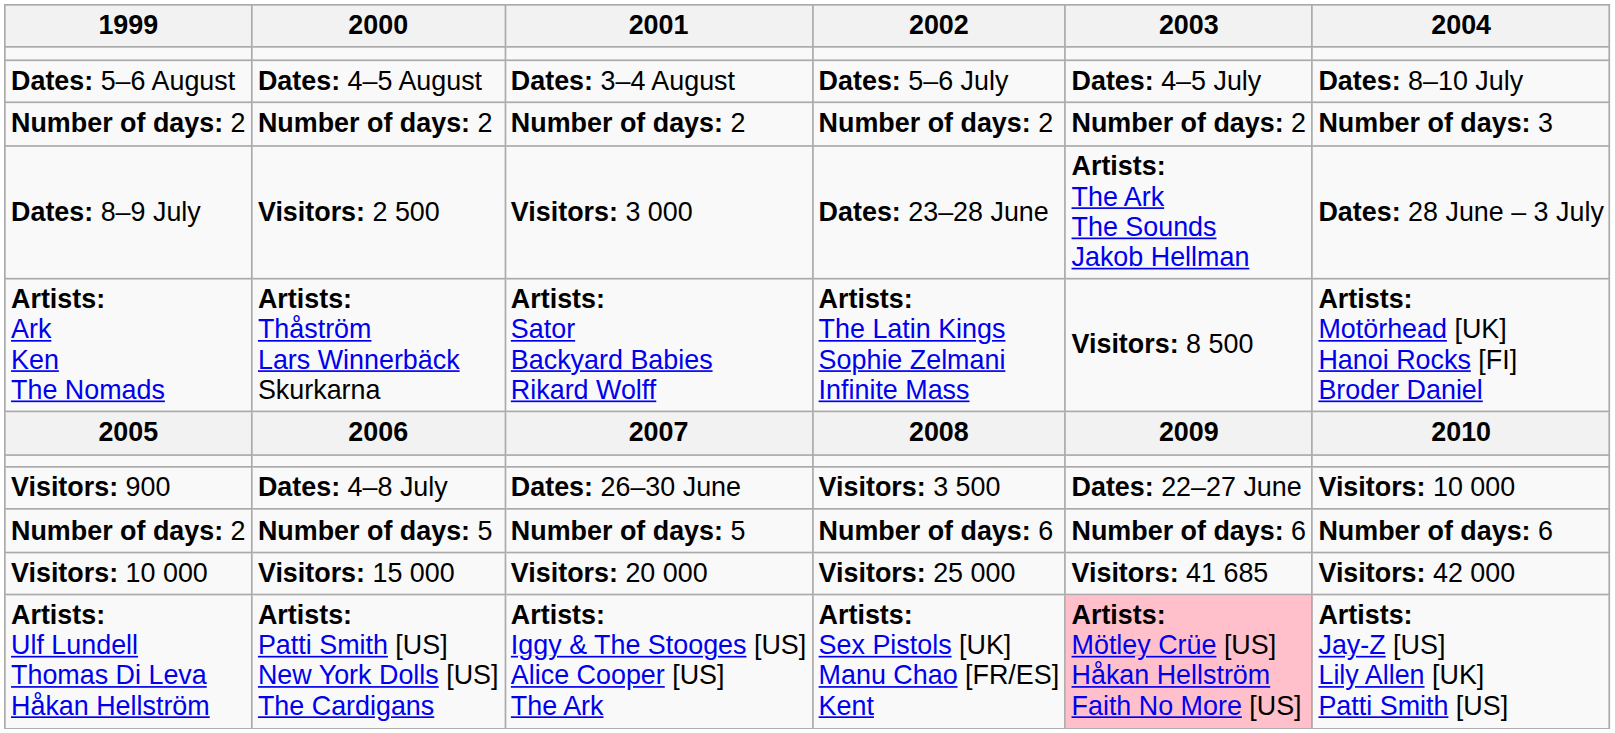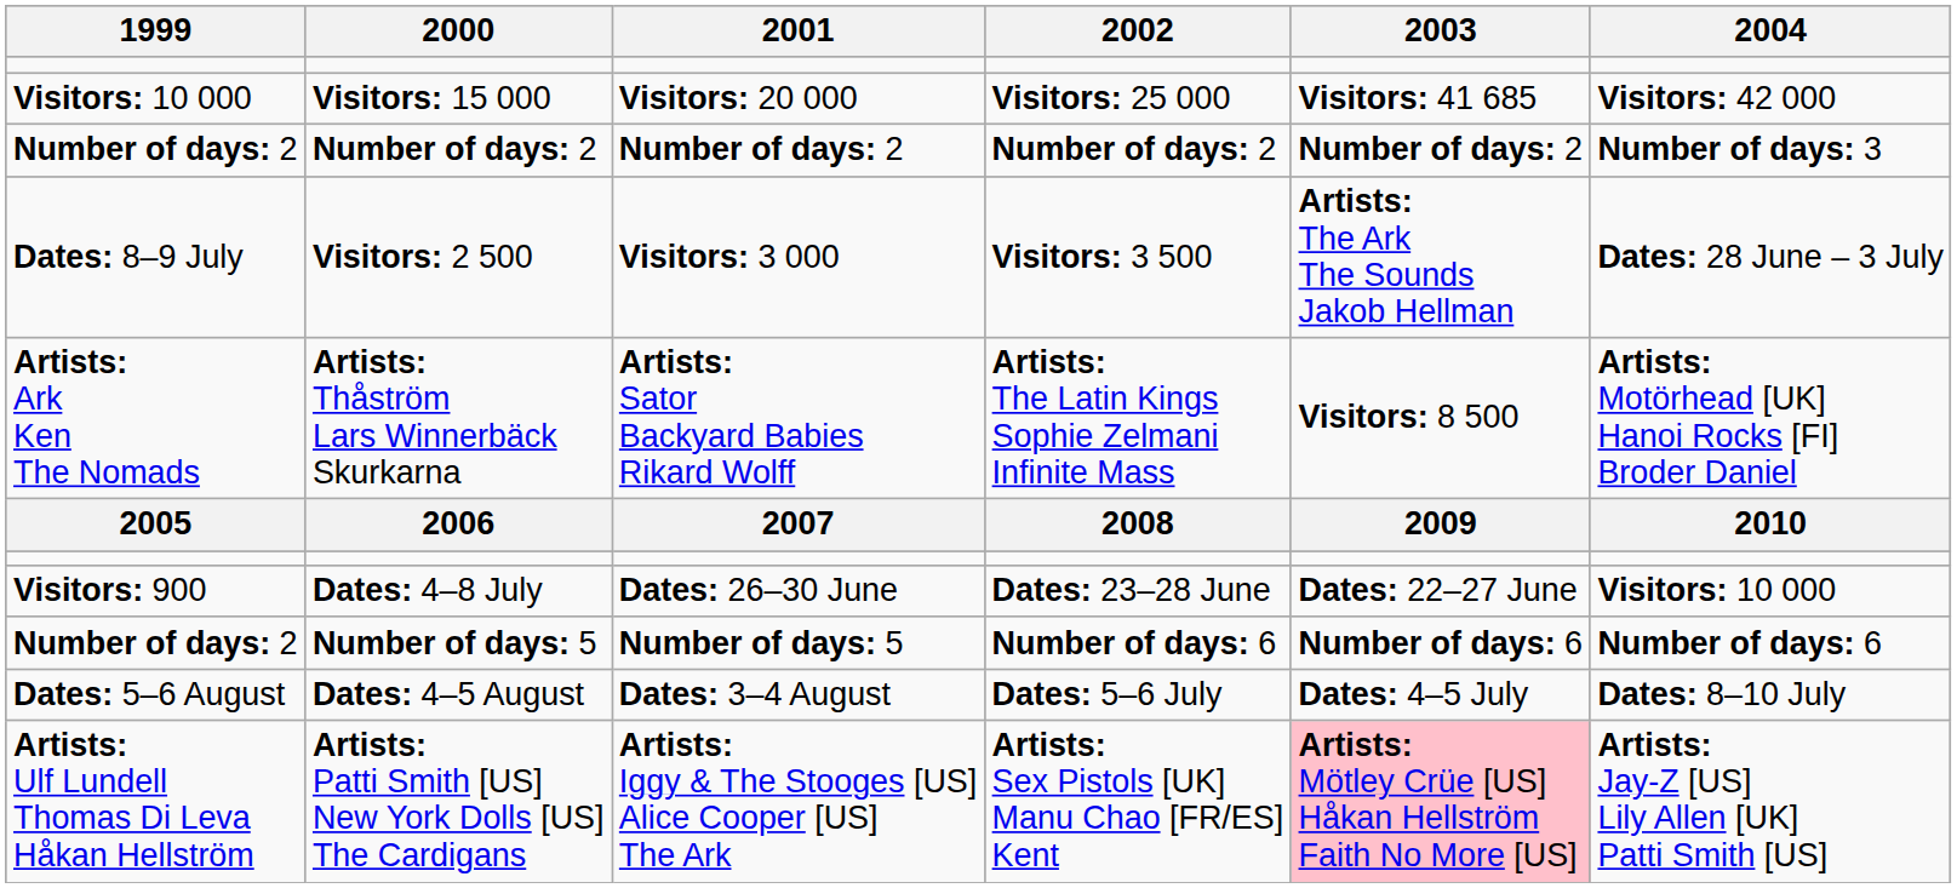 <table class="wikitable">
 <tr>
 <th>1999</th>
 <th>2000</th>
 <th>2001</th>
 <th>2002</th>
 <th>2003</th>
 <th>2004</th>
 </tr>
 <tr>
 <td></td>
 <td></td>
 <td></td>
 <td></td>
 <td></td>
 <td></td>
 </tr>
 <tr>
-<td><strong>Dates:</strong> 5–6 August</td>
-<td><strong>Dates:</strong> 4–5 August</td>
-<td><strong>Dates:</strong> 3–4 August</td>
-<td><strong>Dates:</strong> 5–6 July</td>
-<td><strong>Dates:</strong> 4–5 July</td>
-<td><strong>Dates:</strong> 8–10 July</td>
+<td><strong>Visitors:</strong> 10 000</td>
+<td><strong>Visitors:</strong> 15 000</td>
+<td><strong>Visitors:</strong> 20 000</td>
+<td><strong>Visitors:</strong> 25 000</td>
+<td><strong>Visitors:</strong> 41 685</td>
+<td><strong>Visitors:</strong> 42 000</td>
 </tr>
 <tr>
 <td><strong>Number of days:</strong> 2</td>
 <td><strong>Number of days:</strong> 2</td>
 <td><strong>Number of days:</strong> 2</td>
 <td><strong>Number of days:</strong> 2</td>
 <td><strong>Number of days:</strong> 2</td>
 <td><strong>Number of days:</strong> 3</td>
 </tr>
 <tr>
 <td><strong>Dates:</strong> 8–9 July</td>
 <td><strong>Visitors:</strong> 2 500</td>
 <td><strong>Visitors:</strong> 3 000</td>
-<td><strong>Dates:</strong> 23–28 June</td>
+<td><strong>Visitors:</strong> 3 500</td>
 <td><strong>Artists:</strong><br><a href='#'>The Ark</a><br> <a href='#'>The Sounds</a><br> <a href='#'>Jakob Hellman</a><br></td>
 <td><strong>Dates:</strong> 28 June – 3 July</td>
 </tr>
 <tr>
 <td><strong>Artists:</strong><br><a href='#'>Ark</a> <br> <a href='#'>Ken</a> <br> <a href='#'>The Nomads</a> <br></td>
 <td><strong>Artists:</strong><br><a href='#'>Thåström</a><br> <a href='#'>Lars Winnerbäck</a><br> Skurkarna<br></td>
 <td><strong>Artists:</strong><br><a href='#'>Sator</a><br> <a href='#'>Backyard Babies</a><br> <a href='#'>Rikard Wolff</a><br></td>
 <td><strong>Artists:</strong><br><a href='#'>The Latin Kings</a><br> <a href='#'>Sophie Zelmani</a><br> <a href='#'>Infinite Mass</a><br></td>
 <td><strong>Visitors:</strong> 8 500</td>
 <td><strong>Artists:</strong><br><a href='#'>Motörhead</a> [UK]<br> <a href='#'>Hanoi Rocks</a> [FI]<br> <a href='#'>Broder Daniel</a><br></td>
 </tr>
 <tr>
 <th>2005</th>
 <th>2006</th>
 <th>2007</th>
 <th>2008</th>
 <th>2009</th>
 <th>2010</th>
 </tr>
 <tr>
 <td></td>
 <td></td>
 <td></td>
 <td></td>
 <td></td>
 <td></td>
 </tr>
 <tr>
 <td><strong>Visitors:</strong> 900</td>
 <td><strong>Dates:</strong> 4–8 July</td>
 <td><strong>Dates:</strong> 26–30 June</td>
-<td><strong>Visitors:</strong> 3 500</td>
+<td><strong>Dates:</strong> 23–28 June</td>
 <td><strong>Dates:</strong> 22–27 June</td>
 <td><strong>Visitors:</strong> 10 000</td>
 </tr>
 <tr>
 <td><strong>Number of days:</strong> 2</td>
 <td><strong>Number of days:</strong> 5</td>
 <td><strong>Number of days:</strong> 5</td>
 <td><strong>Number of days:</strong> 6</td>
 <td><strong>Number of days:</strong> 6</td>
 <td><strong>Number of days:</strong> 6</td>
 </tr>
 <tr>
-<td><strong>Visitors:</strong> 10 000</td>
-<td><strong>Visitors:</strong> 15 000</td>
-<td><strong>Visitors:</strong> 20 000</td>
-<td><strong>Visitors:</strong> 25 000</td>
-<td><strong>Visitors:</strong> 41 685</td>
-<td><strong>Visitors:</strong> 42 000</td>
+<td><strong>Dates:</strong> 5–6 August</td>
+<td><strong>Dates:</strong> 4–5 August</td>
+<td><strong>Dates:</strong> 3–4 August</td>
+<td><strong>Dates:</strong> 5–6 July</td>
+<td><strong>Dates:</strong> 4–5 July</td>
+<td><strong>Dates:</strong> 8–10 July</td>
 </tr>
 <tr>
 <td><strong>Artists:</strong><br><a href='#'>Ulf Lundell</a><br> <a href='#'>Thomas Di Leva</a><br> <a href='#'>Håkan Hellström</a><br></td>
 <td><strong>Artists:</strong><br><a href='#'>Patti Smith</a> [US]<br> <a href='#'>New York Dolls</a> [US]<br> <a href='#'>The Cardigans</a><br></td>
 <td><strong>Artists:</strong><br><a href='#'>Iggy & The Stooges</a> [US]<br> <a href='#'>Alice Cooper</a> [US]<br> <a href='#'>The Ark</a><br></td>
 <td><strong>Artists:</strong><br><a href='#'>Sex Pistols</a> [UK]<br> <a href='#'>Manu Chao</a> [FR/ES]<br> <a href='#'>Kent</a><br></td>
 <td style="background: pink;"><strong>Artists:</strong><br><a href='#'>Mötley Crüe</a> [US]<br> <a href='#'>Håkan Hellström</a><br> <a href='#'>Faith No More</a> [US]<br></td>
 <td><strong>Artists:</strong><br><a href='#'>Jay-Z</a> [US]<br> <a href='#'>Lily Allen</a> [UK]<br> <a href='#'>Patti Smith</a> [US]<br></td>
 </tr>
 </table>
